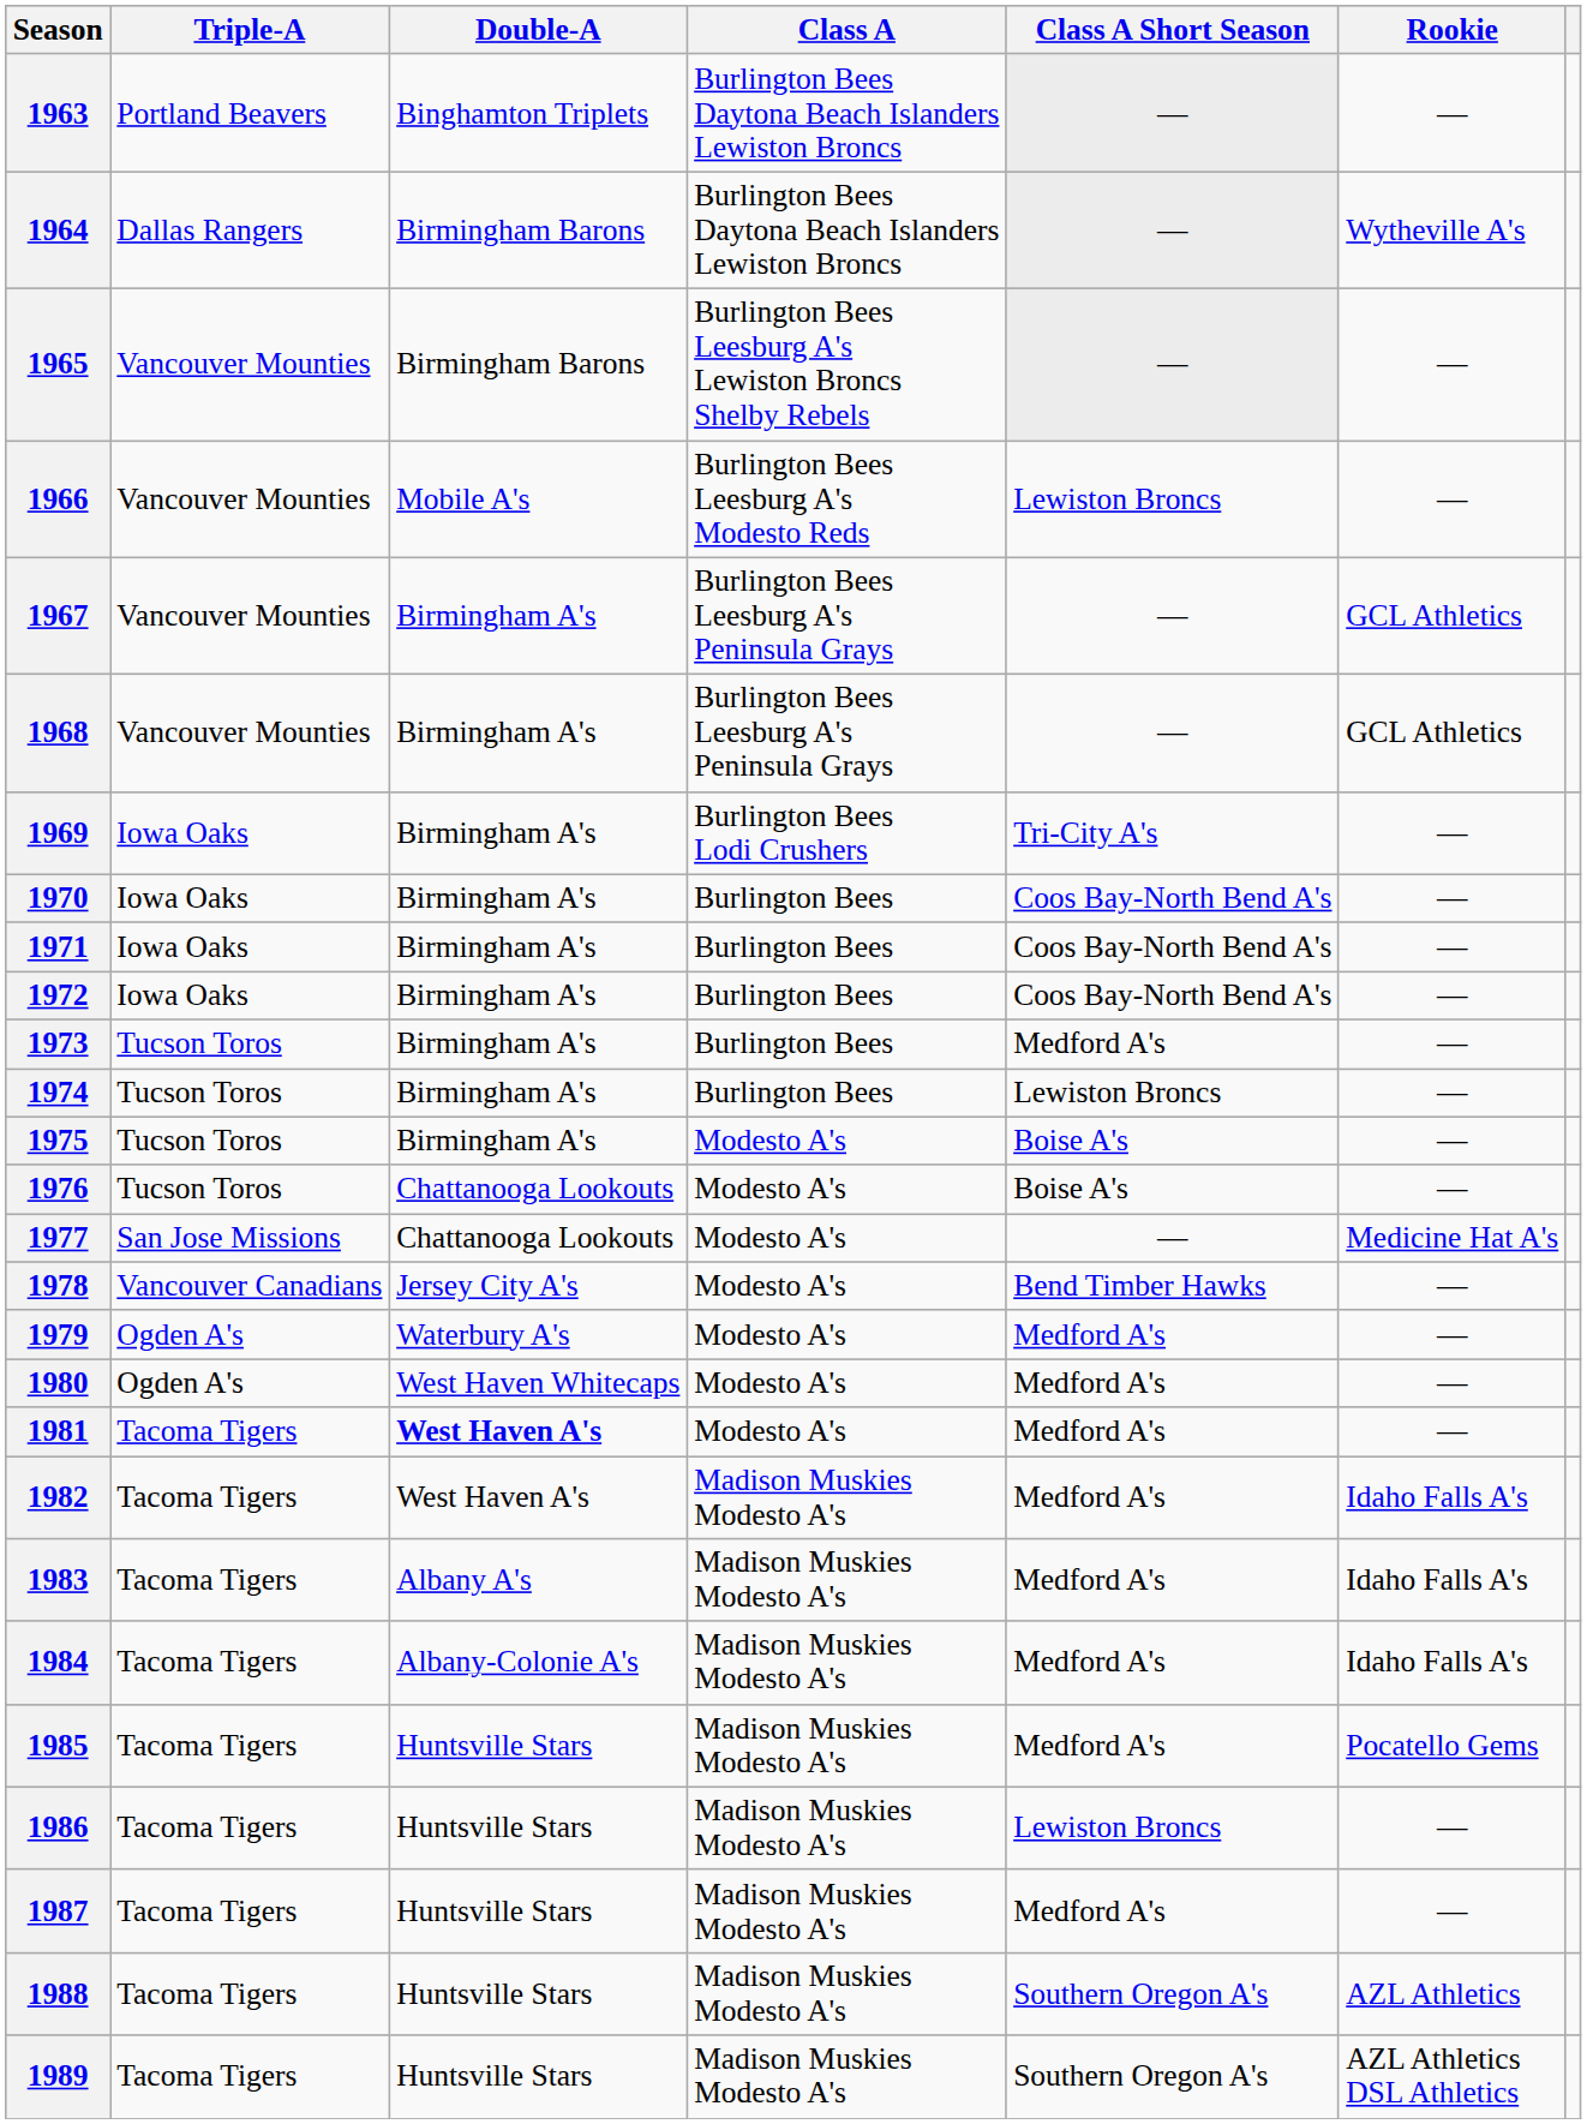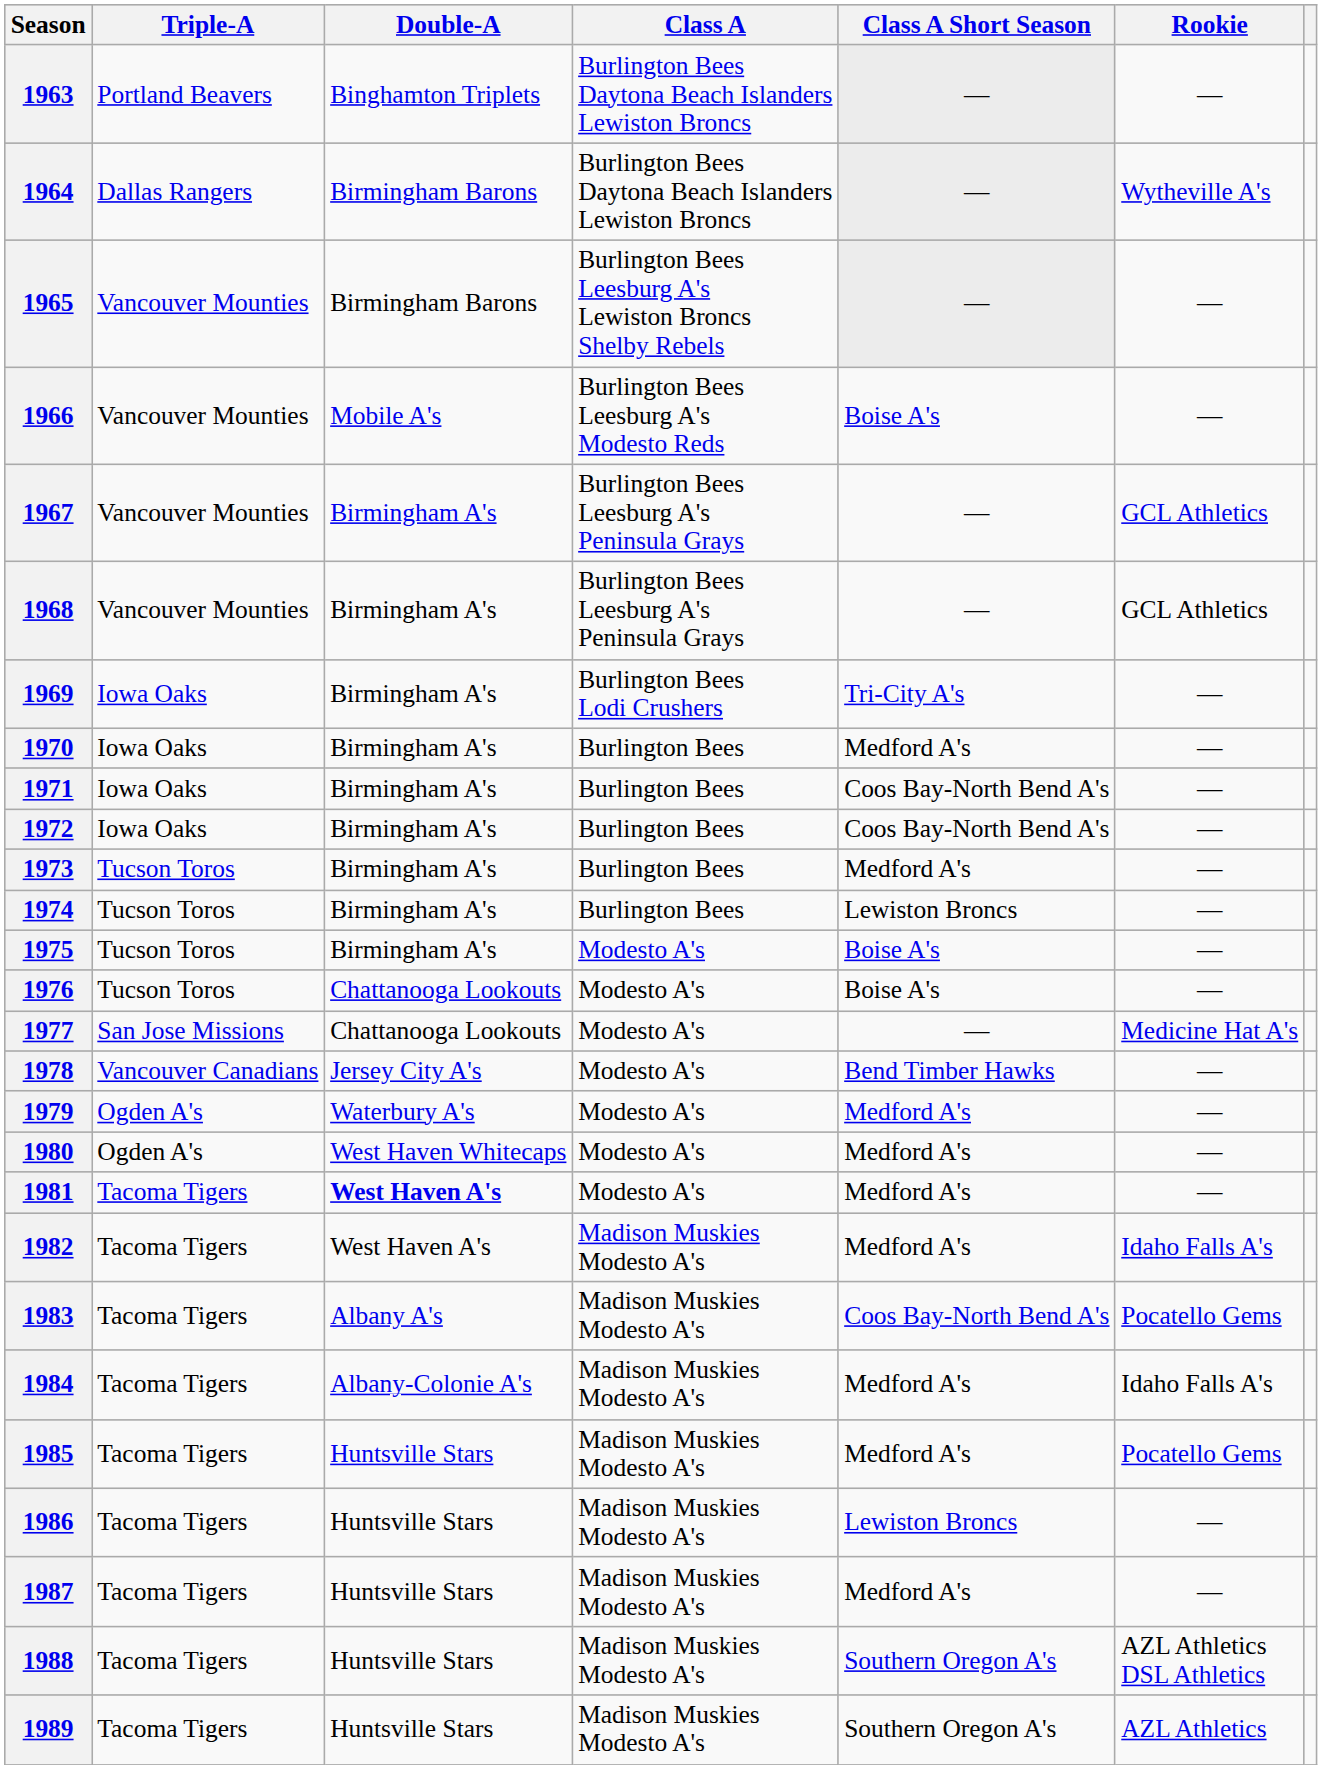 <table class="wikitable plainrowheaders">
 <tr>
 <th scope="col">Season</th>
 <th scope="col"><a href='#'><span>Triple-A</span></a></th>
 <th scope="col"><a href='#'><span>Double-A</span></a></th>
 <th scope="col"><a href='#'><span>Class A</span></a></th>
 <th scope="col"><a href='#'><span>Class A Short Season</span></a></th>
 <th scope="col"><a href='#'><span>Rookie</span></a></th>
 <th scope="col"></th>
 </tr>
 <tr>
 <th scope="row" style="text-align:center"><a href='#'>1963</a></th>
 <td><a href='#'>Portland Beavers</a></td>
 <td><a href='#'>Binghamton Triplets</a></td>
 <td><a href='#'>Burlington Bees</a><br><a href='#'>Daytona Beach Islanders</a><br><a href='#'>Lewiston Broncs</a></td>
 <td style="background:#ececec" align="center">—</td>
 <td align="center">—</td>
 <td align="center"></td>
 </tr>
 <tr>
 <th scope="row" style="text-align:center"><a href='#'>1964</a></th>
 <td><a href='#'>Dallas Rangers</a></td>
 <td><a href='#'>Birmingham Barons</a></td>
 <td>Burlington Bees<br>Daytona Beach Islanders<br>Lewiston Broncs</td>
 <td style="background:#ececec" align="center">—</td>
 <td><a href='#'>Wytheville A's</a></td>
 <td align="center"></td>
 </tr>
 <tr>
 <th scope="row" style="text-align:center"><a href='#'>1965</a></th>
 <td><a href='#'>Vancouver Mounties</a></td>
 <td>Birmingham Barons</td>
 <td>Burlington Bees<br><a href='#'>Leesburg A's</a><br>Lewiston Broncs<br><a href='#'>Shelby Rebels</a></td>
 <td style="background:#ececec" align="center">—</td>
 <td align="center">—</td>
 <td align="center"></td>
 </tr>
 <tr>
 <th scope="row" style="text-align:center"><a href='#'>1966</a></th>
 <td>Vancouver Mounties</td>
 <td><a href='#'>Mobile A's</a></td>
 <td>Burlington Bees<br>Leesburg A's<br><a href='#'>Modesto Reds</a></td>
-<td><a href='#'>Lewiston Broncs</a></td>
+<td><a href='#'>Boise A's</a></td>
 <td align="center">—</td>
 <td align="center"></td>
 </tr>
 <tr>
 <th scope="row" style="text-align:center"><a href='#'>1967</a></th>
 <td>Vancouver Mounties</td>
 <td><a href='#'>Birmingham A's</a></td>
 <td>Burlington Bees<br>Leesburg A's<br><a href='#'>Peninsula Grays</a></td>
 <td align="center">—</td>
 <td><a href='#'>GCL Athletics</a></td>
 <td align="center"></td>
 </tr>
 <tr>
 <th scope="row" style="text-align:center"><a href='#'>1968</a></th>
 <td>Vancouver Mounties</td>
 <td>Birmingham A's</td>
 <td>Burlington Bees<br>Leesburg A's<br>Peninsula Grays</td>
 <td align="center">—</td>
 <td>GCL Athletics</td>
 <td align="center"></td>
 </tr>
 <tr>
 <th scope="row" style="text-align:center"><a href='#'>1969</a></th>
 <td><a href='#'>Iowa Oaks</a></td>
 <td>Birmingham A's</td>
 <td>Burlington Bees<br><a href='#'>Lodi Crushers</a></td>
 <td><a href='#'>Tri-City A's</a></td>
 <td align="center">—</td>
 <td align="center"></td>
 </tr>
 <tr>
 <th scope="row" style="text-align:center"><a href='#'>1970</a></th>
 <td>Iowa Oaks</td>
 <td>Birmingham A's</td>
 <td>Burlington Bees</td>
-<td><a href='#'>Coos Bay-North Bend A's</a></td>
+<td>Medford A's</td>
 <td align="center">—</td>
 <td align="center"></td>
 </tr>
 <tr>
 <th scope="row" style="text-align:center"><a href='#'>1971</a></th>
 <td>Iowa Oaks</td>
 <td>Birmingham A's</td>
 <td>Burlington Bees</td>
 <td>Coos Bay-North Bend A's</td>
 <td align="center">—</td>
 <td align="center"></td>
 </tr>
 <tr>
 <th scope="row" style="text-align:center"><a href='#'>1972</a></th>
 <td>Iowa Oaks</td>
 <td>Birmingham A's</td>
 <td>Burlington Bees</td>
 <td>Coos Bay-North Bend A's</td>
 <td align="center">—</td>
 <td align="center"></td>
 </tr>
 <tr>
 <th scope="row" style="text-align:center"><a href='#'>1973</a></th>
 <td><a href='#'>Tucson Toros</a></td>
 <td>Birmingham A's</td>
 <td>Burlington Bees</td>
 <td>Medford A's</td>
 <td align="center">—</td>
 <td align="center"></td>
 </tr>
 <tr>
 <th scope="row" style="text-align:center"><a href='#'>1974</a></th>
 <td>Tucson Toros</td>
 <td>Birmingham A's</td>
 <td>Burlington Bees</td>
 <td>Lewiston Broncs</td>
 <td align="center">—</td>
 <td align="center"></td>
 </tr>
 <tr>
 <th scope="row" style="text-align:center"><a href='#'>1975</a></th>
 <td>Tucson Toros</td>
 <td>Birmingham A's</td>
 <td><a href='#'>Modesto A's</a></td>
 <td><a href='#'>Boise A's</a></td>
 <td align="center">—</td>
 <td align="center"></td>
 </tr>
 <tr>
 <th scope="row" style="text-align:center"><a href='#'>1976</a></th>
 <td>Tucson Toros</td>
 <td><a href='#'>Chattanooga Lookouts</a></td>
 <td>Modesto A's</td>
 <td>Boise A's</td>
 <td align="center">—</td>
 <td align="center"></td>
 </tr>
 <tr>
 <th scope="row" style="text-align:center"><a href='#'>1977</a></th>
 <td><a href='#'>San Jose Missions</a></td>
 <td>Chattanooga Lookouts</td>
 <td>Modesto A's</td>
 <td align="center">—</td>
 <td><a href='#'>Medicine Hat A's</a></td>
 <td align="center"></td>
 </tr>
 <tr>
 <th scope="row" style="text-align:center"><a href='#'>1978</a></th>
 <td><a href='#'>Vancouver Canadians</a></td>
 <td><a href='#'>Jersey City A's</a></td>
 <td>Modesto A's</td>
 <td><a href='#'>Bend Timber Hawks</a></td>
 <td align="center">—</td>
 <td align="center"></td>
 </tr>
 <tr>
 <th scope="row" style="text-align:center"><a href='#'>1979</a></th>
 <td><a href='#'>Ogden A's</a></td>
 <td><a href='#'>Waterbury A's</a></td>
 <td>Modesto A's</td>
 <td><a href='#'>Medford A's</a></td>
 <td align="center">—</td>
 <td align="center"></td>
 </tr>
 <tr>
 <th scope="row" style="text-align:center"><a href='#'>1980</a></th>
 <td>Ogden A's</td>
 <td><a href='#'>West Haven Whitecaps</a></td>
 <td>Modesto A's</td>
 <td>Medford A's</td>
 <td align="center">—</td>
 <td align="center"></td>
 </tr>
 <tr>
 <th scope="row" style="text-align:center"><a href='#'>1981</a></th>
 <td><a href='#'>Tacoma Tigers</a></td>
 <td><strong><a href='#'>West Haven A's</a></strong></td>
 <td>Modesto A's</td>
 <td>Medford A's</td>
 <td align="center">—</td>
 <td align="center"></td>
 </tr>
 <tr>
 <th scope="row" style="text-align:center"><a href='#'>1982</a></th>
 <td>Tacoma Tigers</td>
 <td>West Haven A's</td>
 <td><a href='#'>Madison Muskies</a><br>Modesto A's</td>
 <td>Medford A's</td>
 <td><a href='#'>Idaho Falls A's</a></td>
 <td align="center"></td>
 </tr>
 <tr>
 <th scope="row" style="text-align:center"><a href='#'>1983</a></th>
 <td>Tacoma Tigers</td>
 <td><a href='#'>Albany A's</a></td>
 <td>Madison Muskies<br>Modesto A's</td>
-<td>Medford A's</td>
-<td>Idaho Falls A's</td>
+<td><a href='#'>Coos Bay-North Bend A's</a></td>
+<td><a href='#'>Pocatello Gems</a></td>
 <td align="center"></td>
 </tr>
 <tr>
 <th scope="row" style="text-align:center"><a href='#'>1984</a></th>
 <td>Tacoma Tigers</td>
 <td><a href='#'>Albany-Colonie A's</a></td>
 <td>Madison Muskies<br>Modesto A's</td>
 <td>Medford A's</td>
 <td>Idaho Falls A's</td>
 <td align="center"></td>
 </tr>
 <tr>
 <th scope="row" style="text-align:center"><a href='#'>1985</a></th>
 <td>Tacoma Tigers</td>
 <td><a href='#'>Huntsville Stars</a></td>
 <td>Madison Muskies<br>Modesto A's</td>
 <td>Medford A's</td>
 <td><a href='#'>Pocatello Gems</a></td>
 <td align="center"></td>
 </tr>
 <tr>
 <th scope="row" style="text-align:center"><a href='#'>1986</a></th>
 <td>Tacoma Tigers</td>
 <td>Huntsville Stars</td>
 <td>Madison Muskies<br>Modesto A's</td>
 <td><a href='#'>Lewiston Broncs</a></td>
 <td align="center">—</td>
 <td align="center"></td>
 </tr>
 <tr>
 <th scope="row" style="text-align:center"><a href='#'>1987</a></th>
 <td>Tacoma Tigers</td>
 <td>Huntsville Stars</td>
 <td>Madison Muskies<br>Modesto A's</td>
 <td>Medford A's</td>
 <td align="center">—</td>
 <td align="center"></td>
 </tr>
 <tr>
 <th scope="row" style="text-align:center"><a href='#'>1988</a></th>
 <td>Tacoma Tigers</td>
 <td>Huntsville Stars</td>
 <td>Madison Muskies<br>Modesto A's</td>
 <td><a href='#'>Southern Oregon A's</a></td>
-<td><a href='#'>AZL Athletics</a></td>
+<td>AZL Athletics<br><a href='#'>DSL Athletics</a></td>
 <td align="center"></td>
 </tr>
 <tr>
 <th scope="row" style="text-align:center"><a href='#'>1989</a></th>
 <td>Tacoma Tigers</td>
 <td>Huntsville Stars</td>
 <td>Madison Muskies<br>Modesto A's</td>
 <td>Southern Oregon A's</td>
-<td>AZL Athletics<br><a href='#'>DSL Athletics</a></td>
+<td><a href='#'>AZL Athletics</a></td>
 <td align="center"></td>
 </tr>
 </table>
